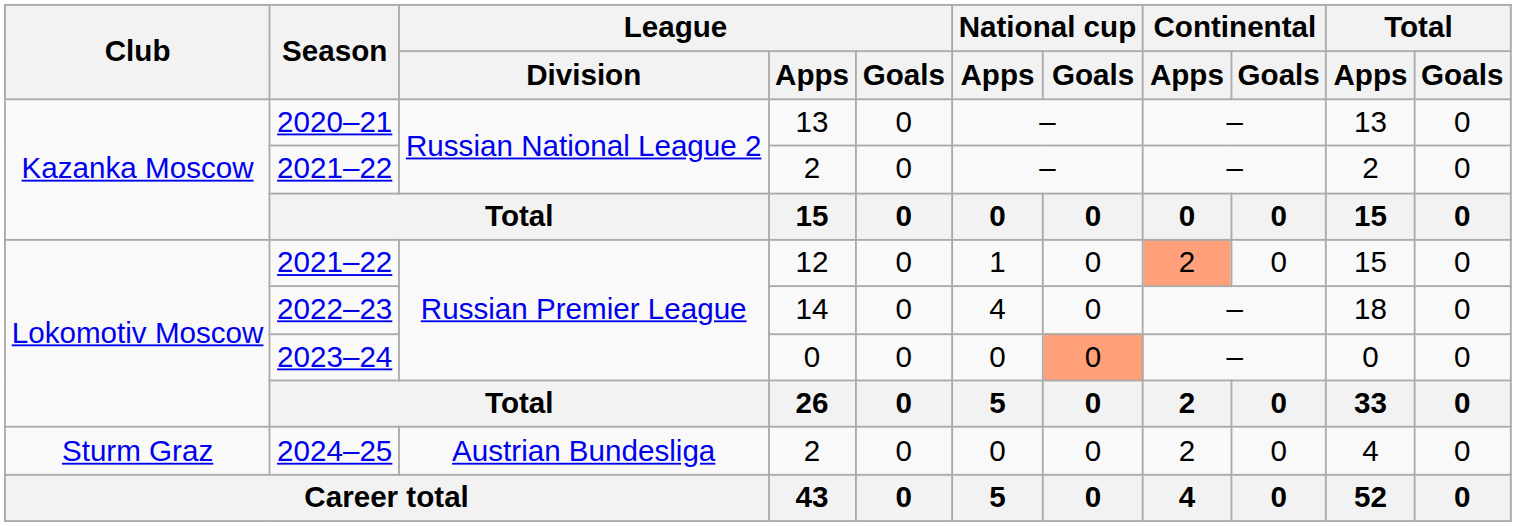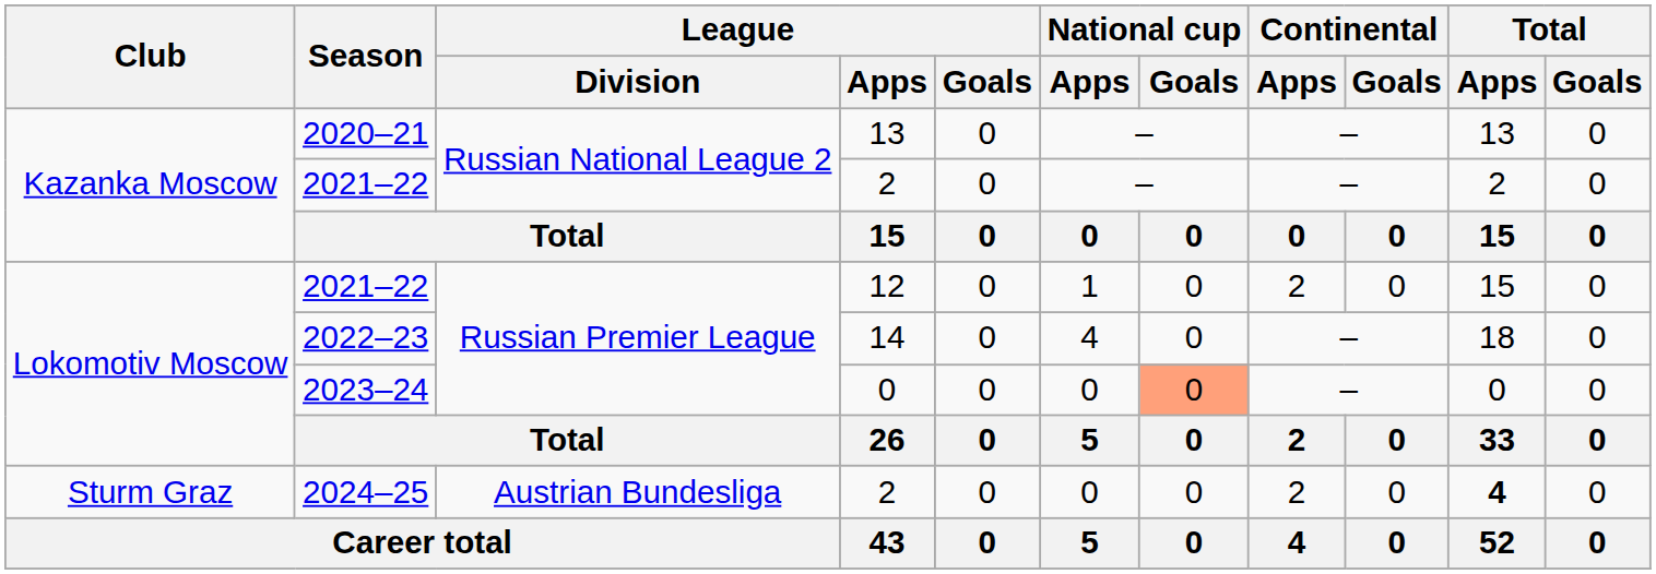 <table class="wikitable" style="text-align:center">
 <tr>
 <th rowspan="2">Club</th>
 <th rowspan="2">Season</th>
 <th colspan="3">League</th>
 <th colspan="2">National cup</th>
 <th colspan="2">Continental</th>
 <th colspan="2">Total</th>
 </tr>
 <tr>
 <th>Division</th>
 <th>Apps</th>
 <th>Goals</th>
 <th>Apps</th>
 <th>Goals</th>
 <th>Apps</th>
 <th>Goals</th>
 <th>Apps</th>
 <th>Goals</th>
 </tr>
 <tr>
 <td rowspan="3"><a href='#'>Kazanka Moscow</a></td>
 <td><a href='#'>2020–21</a></td>
 <td rowspan="2"><a href='#'>Russian National League 2</a></td>
 <td>13</td>
 <td>0</td>
 <td colspan="2">–</td>
 <td colspan="2">–</td>
 <td>13</td>
 <td>0</td>
 </tr>
 <tr>
 <td><a href='#'>2021–22</a></td>
 <td>2</td>
 <td>0</td>
 <td colspan="2">–</td>
 <td colspan="2">–</td>
 <td>2</td>
 <td>0</td>
 </tr>
 <tr>
 <th colspan="2">Total</th>
 <th>15</th>
 <th>0</th>
 <th>0</th>
 <th>0</th>
 <th>0</th>
 <th>0</th>
 <th>15</th>
 <th>0</th>
 </tr>
 <tr>
 <td rowspan="4"><a href='#'>Lokomotiv Moscow</a></td>
 <td><a href='#'>2021–22</a></td>
 <td rowspan="3"><a href='#'>Russian Premier League</a></td>
 <td>12</td>
 <td>0</td>
 <td>1</td>
 <td>0</td>
-<td style="background: lightsalmon;">2</td>
+<td>2</td>
 <td>0</td>
 <td>15</td>
 <td>0</td>
 </tr>
 <tr>
 <td><a href='#'>2022–23</a></td>
 <td>14</td>
 <td>0</td>
 <td>4</td>
 <td>0</td>
 <td colspan="2">–</td>
 <td>18</td>
 <td>0</td>
 </tr>
 <tr>
 <td><a href='#'>2023–24</a></td>
 <td>0</td>
 <td>0</td>
 <td>0</td>
 <td style="background: lightsalmon;">0</td>
 <td colspan="2">–</td>
 <td>0</td>
 <td>0</td>
 </tr>
 <tr>
 <th colspan="2">Total</th>
 <th>26</th>
 <th>0</th>
 <th>5</th>
 <th>0</th>
 <th>2</th>
 <th>0</th>
 <th>33</th>
 <th>0</th>
 </tr>
 <tr>
 <td><a href='#'>Sturm Graz</a></td>
 <td><a href='#'>2024–25</a></td>
 <td><a href='#'>Austrian Bundesliga</a></td>
 <td>2</td>
 <td>0</td>
 <td>0</td>
 <td>0</td>
 <td>2</td>
 <td>0</td>
-<td>4</td>
+<td><strong>4</strong></td>
 <td>0</td>
 </tr>
 <tr>
 <th colspan="3">Career total</th>
 <th>43</th>
 <th>0</th>
 <th>5</th>
 <th>0</th>
 <th>4</th>
 <th>0</th>
 <th>52</th>
 <th>0</th>
 </tr>
 </table>
